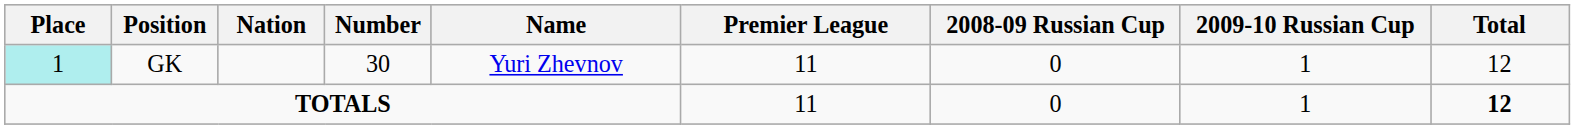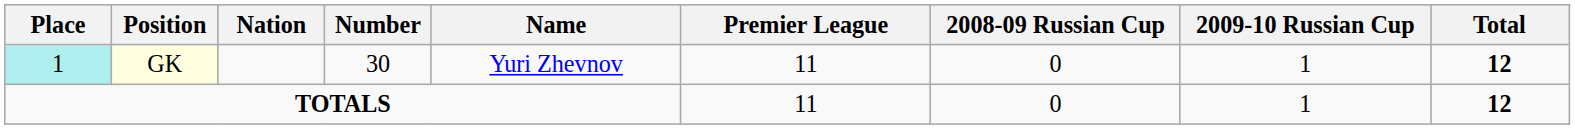 <table class="wikitable" style="font-size: 95%; text-align: center;">
 <tr>
 <th width=60>Place</th>
 <th width=60>Position</th>
 <th width=60>Nation</th>
 <th width=60>Number</th>
 <th width=150>Name</th>
 <th width=150>Premier League</th>
 <th width=150>2008-09 Russian Cup</th>
 <th width=150>2009-10 Russian Cup</th>
 <th width=80>Total</th>
 </tr>
 <tr>
 <td style="background: paleturquoise;">1</td>
-<td>GK</td>
+<td style="background: lightyellow;">GK</td>
 <td></td>
 <td>30</td>
 <td><a href='#'>Yuri Zhevnov</a></td>
 <td>11</td>
 <td>0</td>
 <td>1</td>
-<td>12</td>
+<td><strong>12</strong></td>
 </tr>
 <tr>
 <td colspan="5"><strong>TOTALS</strong></td>
 <td>11</td>
 <td>0</td>
 <td>1</td>
 <td><strong>12</strong></td>
 </tr>
 </table>
